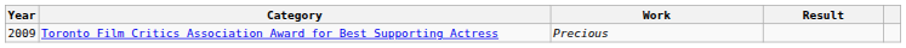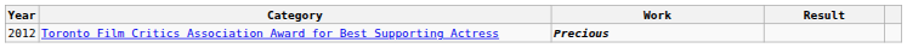 <table class="wikitable">
 <tr>
 <th scope="col" style="width:1em;">Year</th>
 <th scope="col" style="width:44em;">Category</th>
 <th scope="col" style="width:18em;">Work</th>
 <th scope="col" style="width:10em;">Result</th>
 <th class="unsortable" style="width:1em;"></th>
 </tr>
 <tr>
-<td>2009</td>
+<td>2012</td>
 <td><a href='#'>Toronto Film Critics Association Award for Best Supporting Actress</a> </td>
-<td><em>Precious</em></td>
+<td><strong><em>Precious</em></strong></td>
 <td></td>
 <td></td>
 </tr>
 </table>
